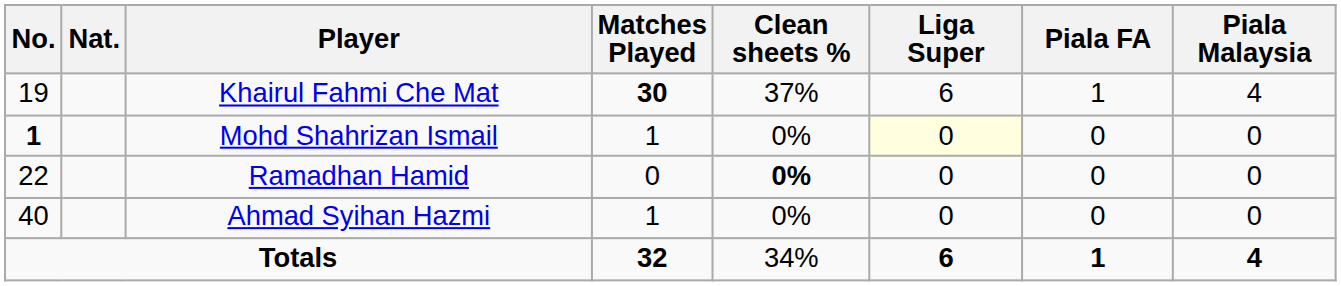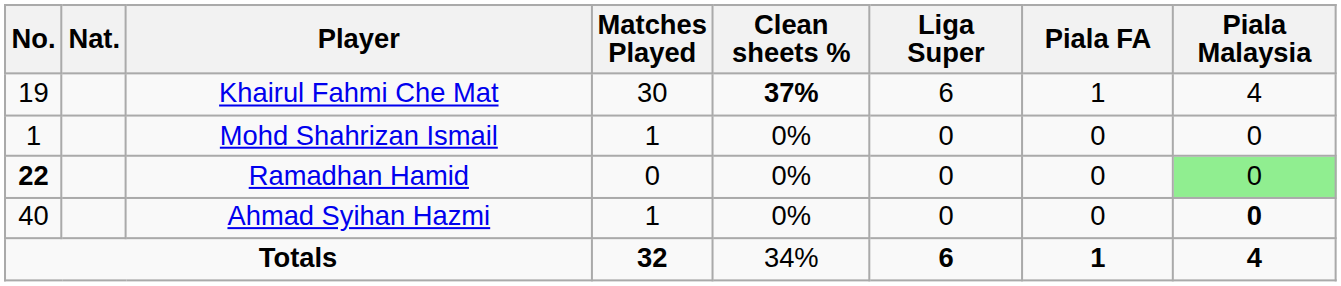 <table class="wikitable sortable alternance"  style="font-size:85%; text-align:center; line-height:14px; width:75%;">
 <tr>
 <th width=10><strong>No.</strong></th>
 <th width=10><strong>Nat.</strong></th>
 <th scope="col" style="width:275px;"><strong>Player</strong></th>
 <th>Matches Played</th>
 <th width=80>Clean sheets %</th>
 <th width=80>Liga Super</th>
 <th width=80>Piala FA</th>
 <th width=80>Piala Malaysia</th>
 </tr>
 <tr>
 <td>19</td>
 <td></td>
 <td><a href='#'>Khairul Fahmi Che Mat</a></td>
-<td><strong>30</strong></td>
-<td>37%</td>
+<td>30</td>
+<td><strong>37%</strong></td>
 <td>6</td>
 <td>1</td>
 <td>4</td>
 </tr>
 <tr>
-<td><strong>1</strong></td>
+<td>1</td>
 <td></td>
 <td><a href='#'>Mohd Shahrizan Ismail</a></td>
 <td>1</td>
 <td>0%</td>
-<td style="background: lightyellow;">0</td>
+<td>0</td>
 <td>0</td>
 <td>0</td>
 </tr>
 <tr>
-<td>22</td>
+<td><strong>22</strong></td>
 <td></td>
 <td><a href='#'>Ramadhan Hamid</a></td>
 <td>0</td>
-<td><strong>0%</strong></td>
+<td>0%</td>
 <td>0</td>
 <td>0</td>
-<td>0</td>
+<td style="background: lightgreen;">0</td>
 </tr>
 <tr>
 <td>40</td>
 <td></td>
 <td><a href='#'>Ahmad Syihan Hazmi</a></td>
 <td>1</td>
 <td>0%</td>
 <td>0</td>
 <td>0</td>
-<td>0</td>
+<td><strong>0</strong></td>
 </tr>
 <tr class="sortbottom">
 <td colspan="3"><strong>Totals</strong></td>
 <td><strong>32</strong></td>
 <td>34%</td>
 <td><strong>6</strong></td>
 <td><strong>1</strong></td>
 <td><strong>4</strong></td>
 </tr>
 </table>
